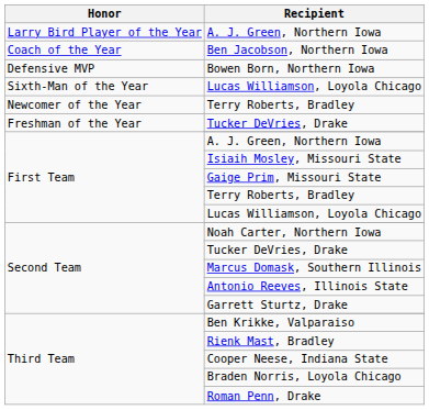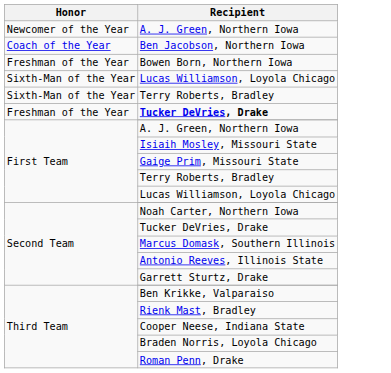 <table class="wikitable" border="1">
 <tr>
 <th>Honor</th>
 <th>Recipient</th>
 </tr>
 <tr>
-<td><a href='#'>Larry Bird Player of the Year</a></td>
+<td>Newcomer of the Year</td>
 <td><a href='#'>A. J. Green</a>, Northern Iowa</td>
 </tr>
 <tr>
 <td><a href='#'>Coach of the Year</a></td>
 <td><a href='#'>Ben Jacobson</a>, Northern Iowa</td>
 </tr>
 <tr>
-<td>Defensive MVP</td>
+<td>Freshman of the Year</td>
 <td>Bowen Born, Northern Iowa</td>
 </tr>
 <tr>
 <td>Sixth-Man of the Year</td>
 <td><a href='#'>Lucas Williamson</a>, Loyola Chicago</td>
 </tr>
 <tr>
-<td>Newcomer of the Year</td>
+<td>Sixth-Man of the Year</td>
 <td>Terry Roberts, Bradley</td>
 </tr>
 <tr>
 <td>Freshman of the Year</td>
-<td><a href='#'>Tucker DeVries</a>, Drake</td>
+<td><strong><a href='#'>Tucker DeVries</a>, Drake</strong></td>
 </tr>
 <tr>
 <td rowspan="6" valign="middle">First Team</td>
 </tr>
 <tr>
 <td>A. J. Green, Northern Iowa</td>
 </tr>
 <tr>
 <td><a href='#'>Isiaih Mosley</a>, Missouri State</td>
 </tr>
 <tr>
 <td><a href='#'>Gaige Prim</a>, Missouri State</td>
 </tr>
 <tr>
 <td>Terry Roberts, Bradley</td>
 </tr>
 <tr>
 <td>Lucas Williamson, Loyola Chicago</td>
 </tr>
 <tr>
 <td rowspan="6" valign="middle">Second Team</td>
 </tr>
 <tr>
 <td>Noah Carter, Northern Iowa</td>
 </tr>
 <tr>
 <td>Tucker DeVries, Drake</td>
 </tr>
 <tr>
 <td><a href='#'>Marcus Domask</a>, Southern Illinois</td>
 </tr>
 <tr>
 <td><a href='#'>Antonio Reeves</a>, Illinois State</td>
 </tr>
 <tr>
 <td>Garrett Sturtz, Drake</td>
 </tr>
 <tr>
 <td rowspan="6" valign="middle">Third Team</td>
 </tr>
 <tr>
 <td>Ben Krikke, Valparaiso</td>
 </tr>
 <tr>
 <td><a href='#'>Rienk Mast</a>, Bradley</td>
 </tr>
 <tr>
 <td>Cooper Neese, Indiana State</td>
 </tr>
 <tr>
 <td>Braden Norris, Loyola Chicago</td>
 </tr>
 <tr>
 <td><a href='#'>Roman Penn</a>, Drake</td>
 </tr>
 </table>
